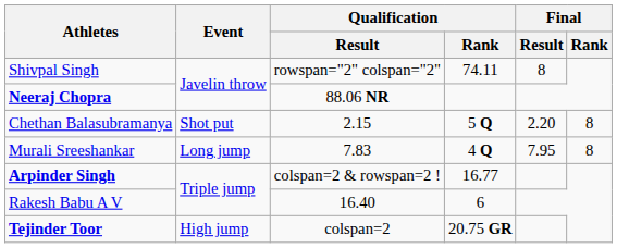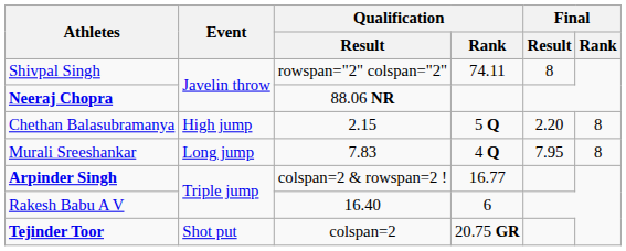 <table class=wikitable style="text-align:center; font-size:90%">
 <tr>
 <th rowspan=2>Athletes</th>
 <th rowspan=2>Event</th>
 <th colspan=2>Qualification</th>
 <th colspan=2>Final</th>
 </tr>
 <tr>
 <th>Result</th>
 <th>Rank</th>
 <th>Result</th>
 <th>Rank</th>
 </tr>
 <tr>
 <td align=left><a href='#'>Shivpal Singh</a></td>
 <td align=left rowspan=2><a href='#'>Javelin throw</a></td>
 <td>rowspan="2" colspan="2" </td>
 <td>74.11</td>
 <td>8</td>
 </tr>
 <tr>
 <td align=left><strong><a href='#'>Neeraj Chopra</a></strong></td>
 <td>88.06 <strong>NR</strong></td>
 <td></td>
 </tr>
 <tr>
 <td align=left><a href='#'>Chethan Balasubramanya</a></td>
-<td align=left><a href='#'>Shot put</a></td>
+<td align=left><a href='#'>High jump</a></td>
 <td>2.15</td>
 <td>5 <strong>Q</strong></td>
 <td>2.20</td>
 <td>8</td>
 </tr>
 <tr>
 <td align=left><a href='#'>Murali Sreeshankar</a></td>
 <td align=left><a href='#'>Long jump</a></td>
 <td>7.83</td>
 <td>4 <strong>Q</strong></td>
 <td>7.95</td>
 <td>8</td>
 </tr>
 <tr>
 <td align=left><strong><a href='#'>Arpinder Singh</a></strong></td>
 <td align=left rowspan=2><a href='#'>Triple jump</a></td>
 <td>colspan=2 & rowspan=2 !</td>
 <td>16.77</td>
 <td></td>
 </tr>
 <tr>
 <td align=left><a href='#'>Rakesh Babu A V</a></td>
 <td>16.40</td>
 <td>6</td>
 </tr>
 <tr>
 <td align=left><strong><a href='#'>Tejinder Toor</a></strong></td>
-<td align=left><a href='#'>High jump</a></td>
+<td align=left><a href='#'>Shot put</a></td>
 <td>colspan=2 </td>
 <td>20.75 <strong>GR</strong></td>
 <td></td>
 </tr>
 </table>
